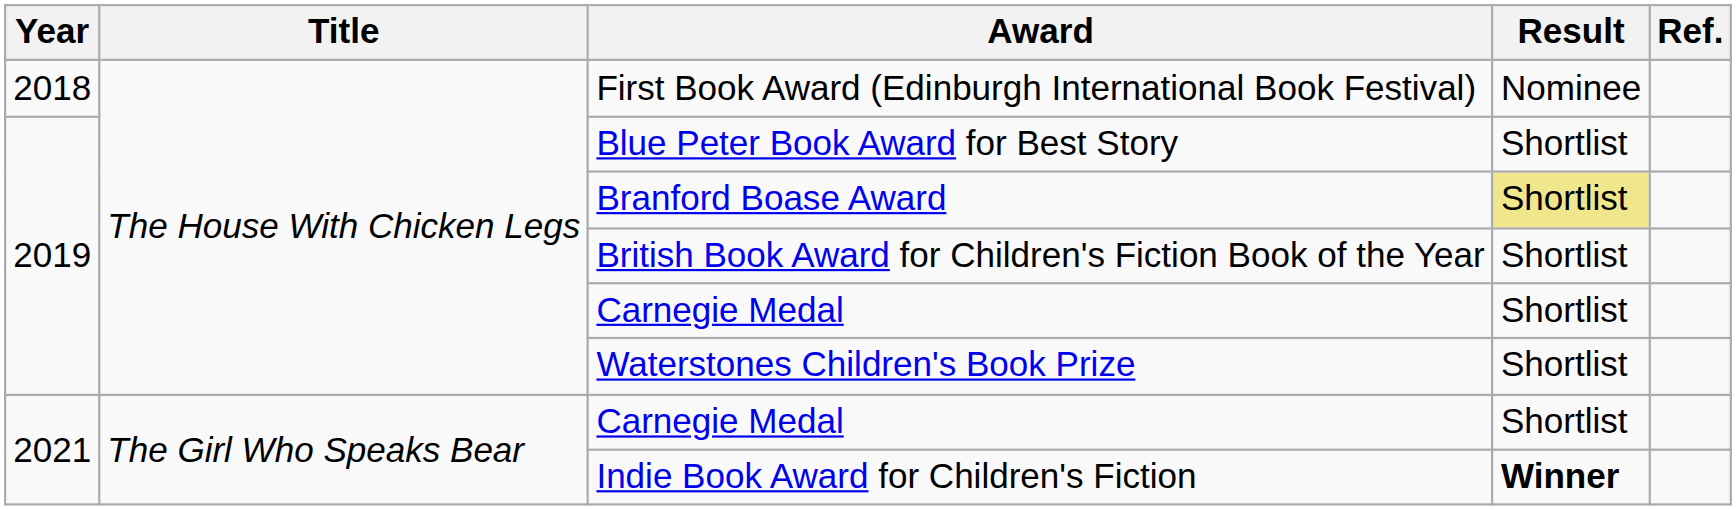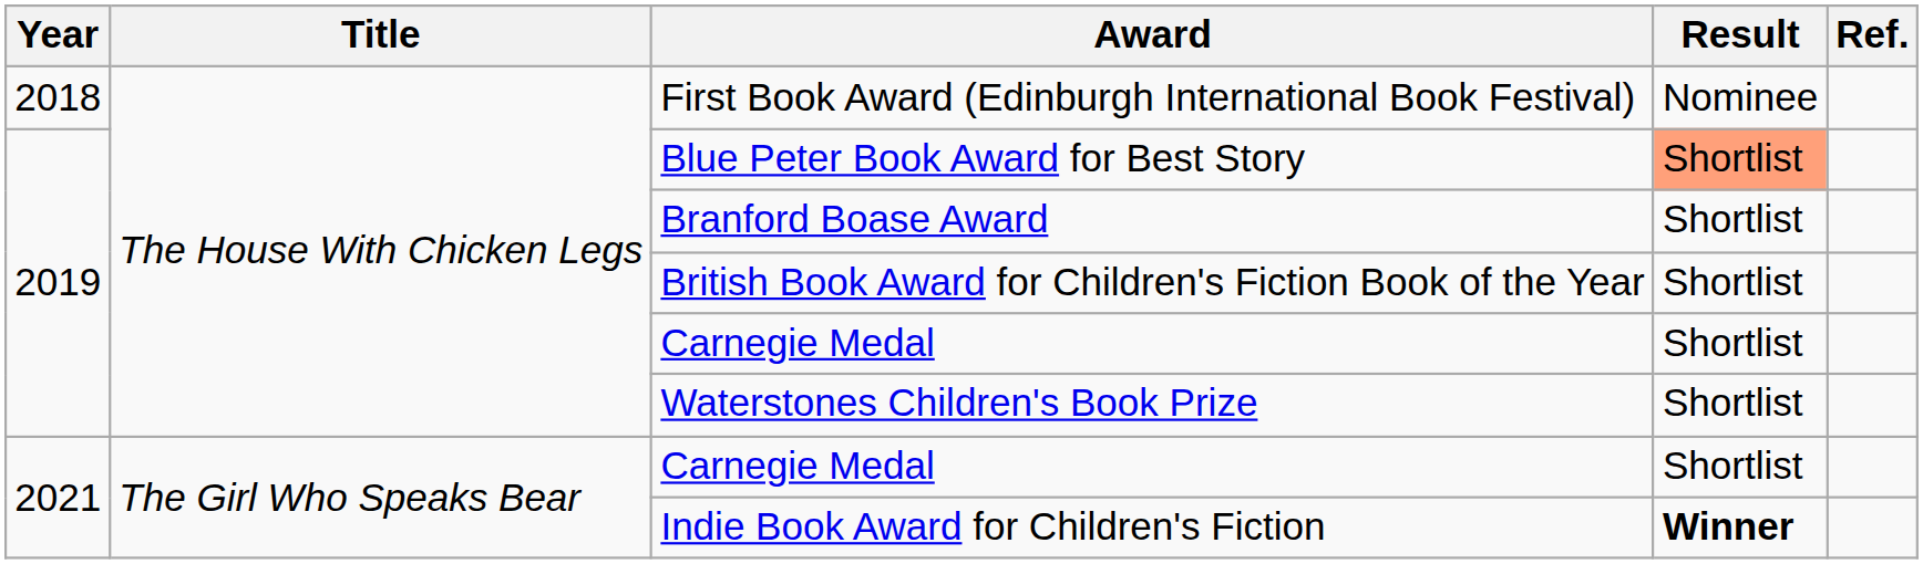 <table class="wikitable sortable mw-collapsible">
 <tr>
 <th>Year</th>
 <th>Title</th>
 <th>Award</th>
 <th>Result</th>
 <th>Ref.</th>
 </tr>
 <tr>
 <td>2018</td>
 <td rowspan="6"><em>The House With Chicken Legs</em></td>
 <td>First Book Award (Edinburgh International Book Festival)</td>
 <td>Nominee</td>
 <td></td>
 </tr>
 <tr>
 <td rowspan="5">2019</td>
 <td><a href='#'>Blue Peter Book Award</a> for Best Story</td>
-<td>Shortlist</td>
+<td style="background: lightsalmon;">Shortlist</td>
 <td></td>
 </tr>
 <tr>
 <td><a href='#'>Branford Boase Award</a></td>
-<td style="background: khaki;">Shortlist</td>
+<td>Shortlist</td>
 <td></td>
 </tr>
 <tr>
 <td><a href='#'>British Book Award</a> for Children's Fiction Book of the Year</td>
 <td>Shortlist</td>
 <td></td>
 </tr>
 <tr>
 <td><a href='#'>Carnegie Medal</a></td>
 <td>Shortlist</td>
 <td></td>
 </tr>
 <tr>
 <td><a href='#'>Waterstones Children's Book Prize</a></td>
 <td>Shortlist</td>
 <td></td>
 </tr>
 <tr>
 <td rowspan="2">2021</td>
 <td rowspan="2"><em>The Girl Who Speaks Bear</em></td>
 <td><a href='#'>Carnegie Medal</a></td>
 <td>Shortlist</td>
 <td></td>
 </tr>
 <tr>
 <td><a href='#'>Indie Book Award</a> for Children's Fiction</td>
 <td><strong>Winner</strong></td>
 <td></td>
 </tr>
 </table>
